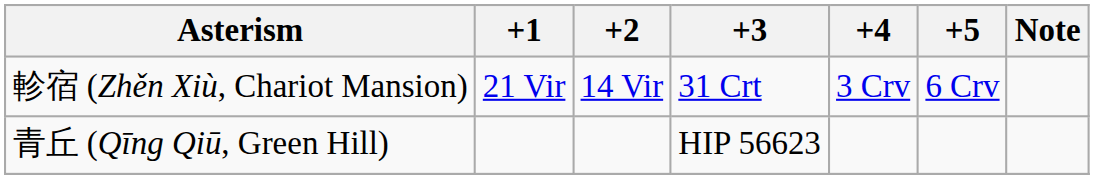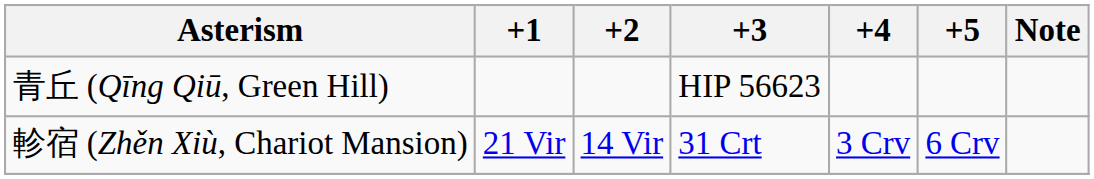 <table class = "wikitable">
 <tr>
 <th>Asterism</th>
 <th>+1</th>
 <th>+2</th>
 <th>+3</th>
 <th>+4</th>
 <th>+5</th>
 <th>Note</th>
 </tr>
 <tr>
+<td>青丘 (<em>Qīng Qiū</em>, Green Hill)</td>
+<td></td>
+<td></td>
+<td>HIP 56623</td>
+<td></td>
+<td></td>
+<td></td>
+</tr>
+<tr>
 <td>軫宿 (<em>Zhěn Xiù</em>, Chariot Mansion)</td>
 <td><a href='#'>21 Vir</a></td>
 <td><a href='#'>14 Vir</a></td>
 <td><a href='#'>31 Crt</a></td>
 <td><a href='#'>3 Crv</a></td>
 <td><a href='#'>6 Crv</a></td>
 <td></td>
 </tr>
 <tr>
-<td>青丘 (<em>Qīng Qiū</em>, Green Hill)</td>
-<td></td>
-<td></td>
-<td>HIP 56623</td>
-<td></td>
-<td></td>
-<td></td>
-</tr>
-<tr>
 </tr>
 </table>
